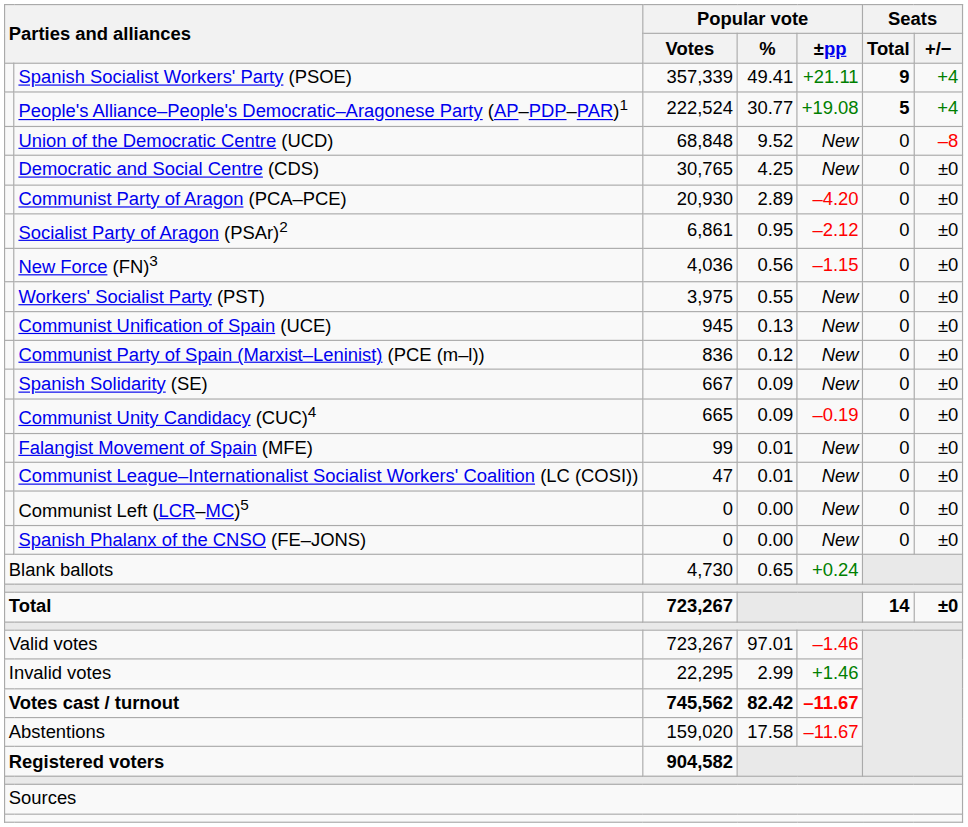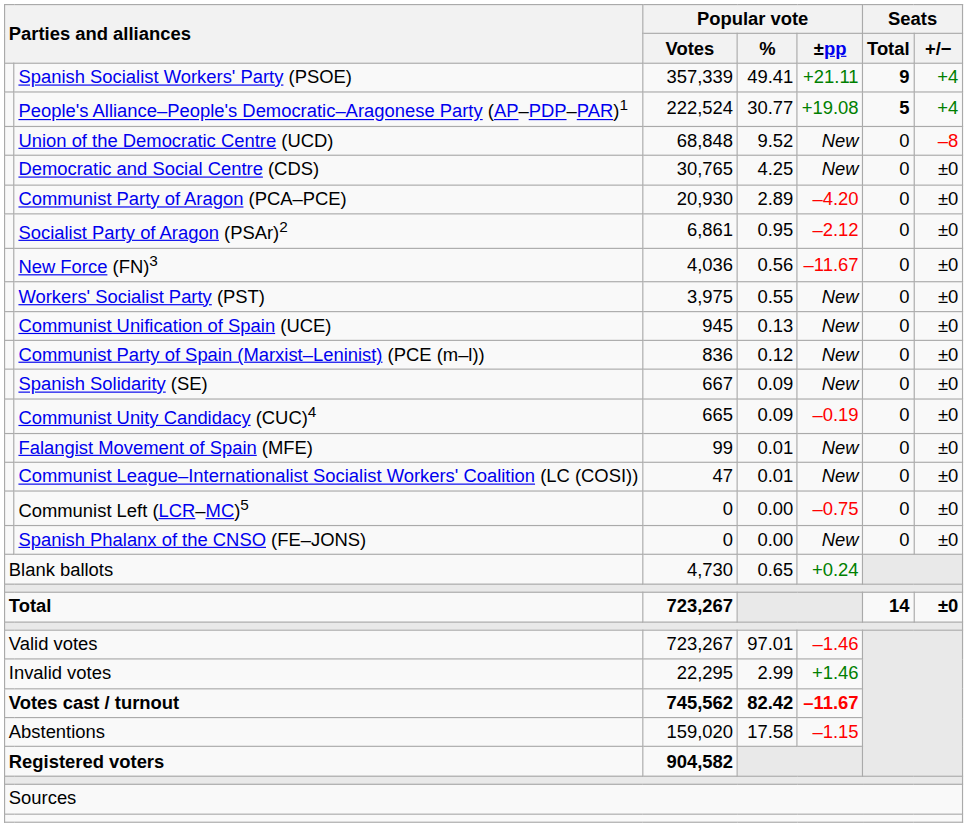 <table class="wikitable" style="text-align:right;">
 <tr>
 <th style="text-align:left;" rowspan="2" colspan="2" width="525">Parties and alliances</th>
 <th colspan="3">Popular vote</th>
 <th colspan="2">Seats</th>
 </tr>
 <tr>
 <th width="75">Votes</th>
 <th width="45">%</th>
 <th width="45">±<a href='#'>pp</a></th>
 <th width="35">Total</th>
 <th width="35">+/−</th>
 </tr>
 <tr>
 <td width="1" style="color:inherit;background:"></td>
 <td align="left"><a href='#'>Spanish Socialist Workers' Party</a> (PSOE)</td>
 <td>357,339</td>
 <td>49.41</td>
 <td style="color:green;">+21.11</td>
 <td><strong>9</strong></td>
 <td style="color:green;">+4</td>
 </tr>
 <tr>
 <td style="color:inherit;background:"></td>
 <td align="left"><a href='#'>People's Alliance–People's Democratic–Aragonese Party</a> (<a href='#'>AP</a>–<a href='#'>PDP</a>–<a href='#'>PAR</a>)<sup>1</sup></td>
 <td>222,524</td>
 <td>30.77</td>
 <td style="color:green;">+19.08</td>
 <td><strong>5</strong></td>
 <td style="color:green;">+4</td>
 </tr>
 <tr>
 <td style="color:inherit;background:"></td>
 <td align="left"><a href='#'>Union of the Democratic Centre</a> (UCD)</td>
 <td>68,848</td>
 <td>9.52</td>
 <td><em>New</em></td>
 <td>0</td>
 <td style="color:red;">–8</td>
 </tr>
 <tr>
 <td style="color:inherit;background:"></td>
 <td align="left"><a href='#'>Democratic and Social Centre</a> (CDS)</td>
 <td>30,765</td>
 <td>4.25</td>
 <td><em>New</em></td>
 <td>0</td>
 <td>±0</td>
 </tr>
 <tr>
 <td style="color:inherit;background:"></td>
 <td align="left"><a href='#'>Communist Party of Aragon</a> (PCA–PCE)</td>
 <td>20,930</td>
 <td>2.89</td>
 <td style="color:red;">–4.20</td>
 <td>0</td>
 <td>±0</td>
 </tr>
 <tr>
 <td style="color:inherit;background:"></td>
 <td align="left"><a href='#'>Socialist Party of Aragon</a> (PSAr)<sup>2</sup></td>
 <td>6,861</td>
 <td>0.95</td>
 <td style="color:red;">–2.12</td>
 <td>0</td>
 <td>±0</td>
 </tr>
 <tr>
 <td style="color:inherit;background:"></td>
 <td align="left"><a href='#'>New Force</a> (FN)<sup>3</sup></td>
 <td>4,036</td>
 <td>0.56</td>
-<td style="color:red;">–1.15</td>
+<td style="color:red;">–11.67</td>
 <td>0</td>
 <td>±0</td>
 </tr>
 <tr>
 <td style="color:inherit;background:"></td>
 <td align="left"><a href='#'>Workers' Socialist Party</a> (PST)</td>
 <td>3,975</td>
 <td>0.55</td>
 <td><em>New</em></td>
 <td>0</td>
 <td>±0</td>
 </tr>
 <tr>
 <td style="color:inherit;background:"></td>
 <td align="left"><a href='#'>Communist Unification of Spain</a> (UCE)</td>
 <td>945</td>
 <td>0.13</td>
 <td><em>New</em></td>
 <td>0</td>
 <td>±0</td>
 </tr>
 <tr>
 <td style="color:inherit;background:"></td>
 <td align="left"><a href='#'>Communist Party of Spain (Marxist–Leninist)</a> (PCE (m–l))</td>
 <td>836</td>
 <td>0.12</td>
 <td><em>New</em></td>
 <td>0</td>
 <td>±0</td>
 </tr>
 <tr>
 <td style="color:inherit;background:"></td>
 <td align="left"><a href='#'>Spanish Solidarity</a> (SE)</td>
 <td>667</td>
 <td>0.09</td>
 <td><em>New</em></td>
 <td>0</td>
 <td>±0</td>
 </tr>
 <tr>
 <td style="color:inherit;background:"></td>
 <td align="left"><a href='#'>Communist Unity Candidacy</a> (CUC)<sup>4</sup></td>
 <td>665</td>
 <td>0.09</td>
 <td style="color:red;">–0.19</td>
 <td>0</td>
 <td>±0</td>
 </tr>
 <tr>
 <td style="color:inherit;background:"></td>
 <td align="left"><a href='#'>Falangist Movement of Spain</a> (MFE)</td>
 <td>99</td>
 <td>0.01</td>
 <td><em>New</em></td>
 <td>0</td>
 <td>±0</td>
 </tr>
 <tr>
 <td style="color:inherit;background:"></td>
 <td align="left"><a href='#'>Communist League–Internationalist Socialist Workers' Coalition</a> (LC (COSI))</td>
 <td>47</td>
 <td>0.01</td>
 <td><em>New</em></td>
 <td>0</td>
 <td>±0</td>
 </tr>
 <tr>
 <td style="color:inherit;background:"></td>
 <td align="left">Communist Left (<a href='#'>LCR</a>–<a href='#'>MC</a>)<sup>5</sup></td>
 <td>0</td>
 <td>0.00</td>
-<td><em>New</em></td>
+<td style="color:red;">–0.75</td>
 <td>0</td>
 <td>±0</td>
 </tr>
 <tr>
 <td style="color:inherit;background:"></td>
 <td align="left"><a href='#'>Spanish Phalanx of the CNSO</a> (FE–JONS)</td>
 <td>0</td>
 <td>0.00</td>
 <td><em>New</em></td>
 <td>0</td>
 <td>±0</td>
 </tr>
 <tr>
 <td align="left" colspan="2">Blank ballots</td>
 <td>4,730</td>
 <td>0.65</td>
 <td style="color:green;">+0.24</td>
 <td bgcolor="#E9E9E9" colspan="2"></td>
 </tr>
 <tr>
 <td colspan="7" bgcolor="#E9E9E9"></td>
 </tr>
 <tr style="font-weight:bold;">
 <td align="left" colspan="2">Total</td>
 <td>723,267</td>
 <td bgcolor="#E9E9E9" colspan="2"></td>
 <td>14</td>
 <td>±0</td>
 </tr>
 <tr>
 <td colspan="7" bgcolor="#E9E9E9"></td>
 </tr>
 <tr>
 <td align="left" colspan="2">Valid votes</td>
 <td>723,267</td>
 <td>97.01</td>
 <td style="color:red;">–1.46</td>
 <td bgcolor="#E9E9E9" colspan="2" rowspan="5"></td>
 </tr>
 <tr>
 <td align="left" colspan="2">Invalid votes</td>
 <td>22,295</td>
 <td>2.99</td>
 <td style="color:green;">+1.46</td>
 </tr>
 <tr style="font-weight:bold;">
 <td align="left" colspan="2">Votes cast / turnout</td>
 <td>745,562</td>
 <td>82.42</td>
 <td style="color:red;">–11.67</td>
 </tr>
 <tr>
 <td align="left" colspan="2">Abstentions</td>
 <td>159,020</td>
 <td>17.58</td>
-<td style="color:red;">–11.67</td>
+<td style="color:red;">–1.15</td>
 </tr>
 <tr style="font-weight:bold;">
 <td align="left" colspan="2">Registered voters</td>
 <td>904,582</td>
 <td bgcolor="#E9E9E9" colspan="2"></td>
 </tr>
 <tr>
 <td colspan="7" bgcolor="#E9E9E9"></td>
 </tr>
 <tr>
 <td align="left" colspan="7">Sources</td>
 </tr>
 <tr>
 <td colspan="7" style="text-align:left; max-width:790px;"></td>
 </tr>
 </table>
